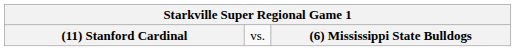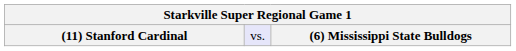 <table class="wikitable">
 <tr>
 <th style="width: 604px;" colspan=3>Starkville Super Regional Game 1</th>
 </tr>
 <tr>
 <th style="width: 289px; ">(11) Stanford Cardinal</th>
-<td style="width: 25px; text-align:center">vs.</td>
+<td style="background: lavender; width: 25px; text-align:center">vs.</td>
 <th style="width: 289px; ">(6) Mississippi State Bulldogs</th>
 </tr>
 </table>
